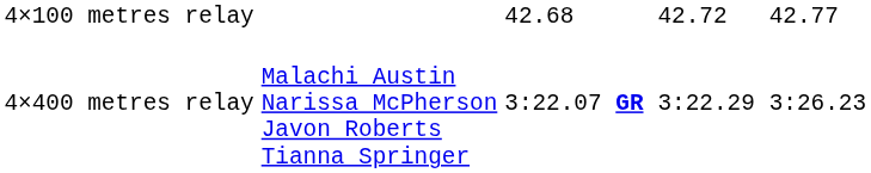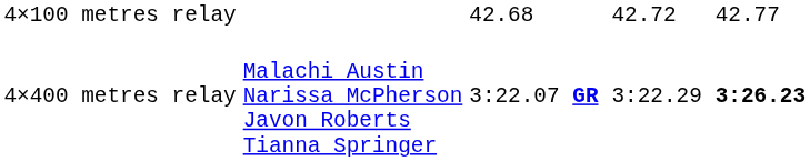 <table>
 <tr>
 <td>4×100 metres relay</td>
 <td></td>
 <td>42.68</td>
 <td></td>
 <td>42.72</td>
 <td></td>
 <td>42.77</td>
 </tr>
 <tr>
 <td>4×400 metres relay</td>
 <td><br><a href='#'>Malachi Austin</a><br><a href='#'>Narissa McPherson</a><br><a href='#'>Javon Roberts</a><br><a href='#'>Tianna Springer</a></td>
 <td>3:22.07 <strong><a href='#'>GR</a></strong></td>
 <td></td>
 <td>3:22.29</td>
 <td></td>
-<td>3:26.23</td>
+<td><strong>3:26.23</strong></td>
 </tr>
 </table>
